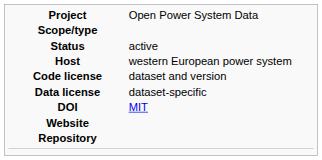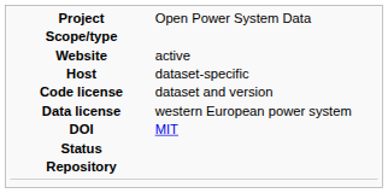 <table class="infobox" style="width: 28em">
 <tr>
 <th style="width: 35%">Project</th>
 <td style="width: 55%">Open Power System Data</td>
 </tr>
 <tr>
 <th>Scope/type</th>
 <td></td>
 </tr>
 <tr>
-<th>Status</th>
+<th>Website</th>
 <td>active</td>
 </tr>
 <tr>
 <th>Host</th>
-<td>western European power system</td>
+<td>dataset-specific</td>
 </tr>
 <tr>
 <th>Code license</th>
 <td>dataset and version</td>
 </tr>
 <tr>
 <th>Data license</th>
-<td>dataset-specific</td>
+<td>western European power system</td>
 </tr>
 <tr>
 <th>DOI</th>
 <td><a href='#'>MIT</a></td>
 </tr>
 <tr>
-<th>Website</th>
+<th>Status</th>
 <td></td>
 </tr>
 <tr>
 <th>Repository</th>
 <td><br></td>
 </tr>
 <tr>
 <td colspan="2" style="border-bottom: thin solid silver"></td>
 </tr>
 <tr>
 <td colspan="2" style="font-size:85%"></td>
 </tr>
 </table>
